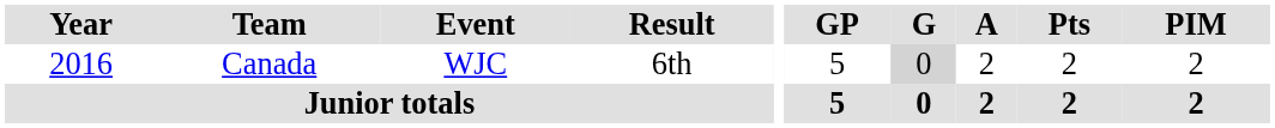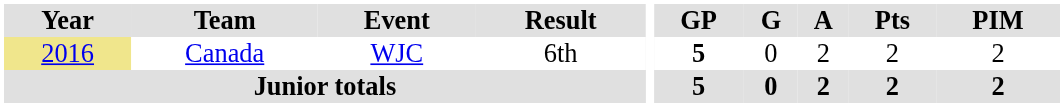 <table border="0" cellpadding="1" cellspacing="0" ID="Table3" style="text-align:center; width:40em">
 <tr ALIGN="center" bgcolor="#e0e0e0">
 <th>Year</th>
 <th>Team</th>
 <th>Event</th>
 <th>Result</th>
 <th rowspan="99" bgcolor="#ffffff"></th>
 <th>GP</th>
 <th>G</th>
 <th>A</th>
 <th>Pts</th>
 <th>PIM</th>
 </tr>
 <tr>
-<td><a href='#'>2016</a></td>
+<td style="background: khaki;"><a href='#'>2016</a></td>
 <td><a href='#'>Canada</a></td>
 <td><a href='#'>WJC</a></td>
 <td>6th</td>
-<td>5</td>
-<td style="background: lightgrey;">0</td>
+<td><strong>5</strong></td>
+<td>0</td>
 <td>2</td>
 <td>2</td>
 <td>2</td>
 </tr>
 <tr bgcolor="#e0e0e0">
 <th colspan="4">Junior totals</th>
 <th>5</th>
 <th>0</th>
 <th>2</th>
 <th>2</th>
 <th>2</th>
 </tr>
 </table>
